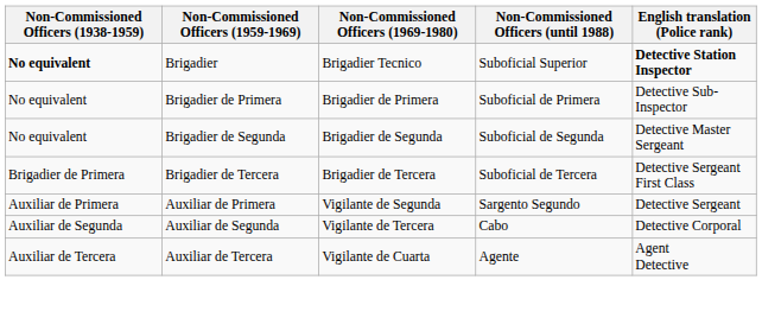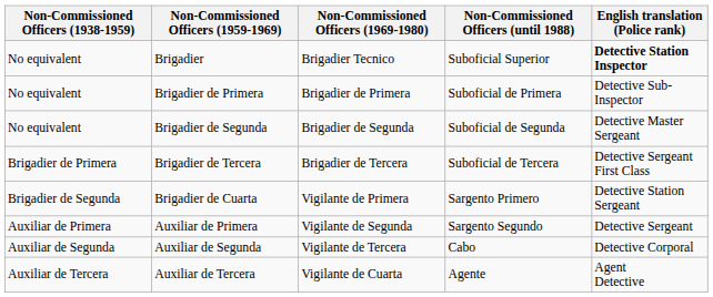 <table class="wikitable" style="display: inline-table;">
 <tr>
 <th>Non-Commissioned Officers (1938-1959)</th>
 <th>Non-Commissioned Officers (1959-1969)</th>
 <th>Non-Commissioned Officers (1969-1980)</th>
 <th>Non-Commissioned Officers (until 1988)</th>
 <th>English translation (Police rank)</th>
 </tr>
 <tr>
-<td><strong>No equivalent</strong></td>
+<td>No equivalent</td>
 <td>Brigadier</td>
 <td>Brigadier Tecnico</td>
 <td>Suboficial Superior</td>
 <td><strong>Detective Station Inspector</strong></td>
 </tr>
 <tr>
 <td>No equivalent</td>
 <td>Brigadier de Primera</td>
 <td>Brigadier de Primera</td>
 <td>Suboficial de Primera</td>
 <td>Detective Sub-Inspector</td>
 </tr>
 <tr>
 <td>No equivalent</td>
 <td>Brigadier de Segunda</td>
 <td>Brigadier de Segunda</td>
 <td>Suboficial de Segunda</td>
 <td>Detective Master Sergeant</td>
 </tr>
 <tr>
 <td>Brigadier de Primera</td>
 <td>Brigadier de Tercera</td>
 <td>Brigadier de Tercera</td>
 <td>Suboficial de Tercera</td>
 <td>Detective Sergeant First Class</td>
 </tr>
 <tr>
+<td>Brigadier de Segunda</td>
+<td>Brigadier de Cuarta</td>
+<td>Vigilante de Primera</td>
+<td>Sargento Primero</td>
+<td>Detective Station Sergeant</td>
+</tr>
+<tr>
 <td>Auxiliar de Primera</td>
 <td>Auxiliar de Primera</td>
 <td>Vigilante de Segunda</td>
 <td>Sargento Segundo</td>
 <td>Detective Sergeant</td>
 </tr>
 <tr>
 <td>Auxiliar de Segunda</td>
 <td>Auxiliar de Segunda</td>
 <td>Vigilante de Tercera</td>
 <td>Cabo</td>
 <td>Detective Corporal</td>
 </tr>
 <tr>
 <td>Auxiliar de Tercera</td>
 <td>Auxiliar de Tercera</td>
 <td>Vigilante de Cuarta</td>
 <td>Agente</td>
 <td>Agent<br>Detective</td>
 </tr>
 </table>
